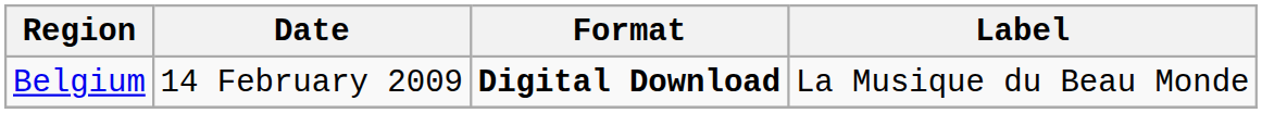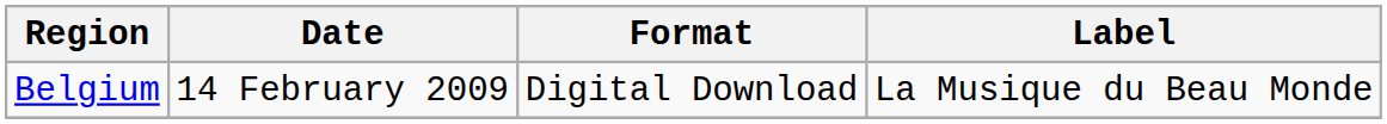 <table class=wikitable>
 <tr>
 <th>Region</th>
 <th>Date</th>
 <th>Format</th>
 <th>Label</th>
 </tr>
 <tr>
 <td><a href='#'>Belgium</a></td>
 <td>14 February 2009</td>
-<td><strong>Digital Download</strong></td>
+<td>Digital Download</td>
 <td>La Musique du Beau Monde</td>
 </tr>
 <tr>
 </tr>
 </table>
